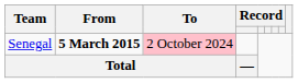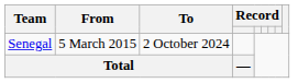 <table class=wikitable style="text-align: center">
 <tr>
 <th rowspan=2>Team</th>
 <th rowspan=2>From</th>
 <th rowspan=2>To</th>
 <th colspan=5>Record</th>
 <th rowspan=2></th>
 </tr>
 <tr>
 <th></th>
 <th></th>
 <th></th>
 <th></th>
 <th></th>
 </tr>
 <tr>
 <td align=left><a href='#'>Senegal</a></td>
-<td align=left><strong>5 March 2015</strong></td>
-<td align=left style="background: pink;">2 October 2024<br></td>
+<td align=left>5 March 2015</td>
+<td align=left>2 October 2024<br></td>
 <td></td>
 </tr>
 <tr>
 <th colspan=3>Total<br></th>
 <th>—</th>
 </tr>
 </table>
